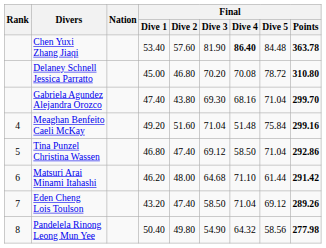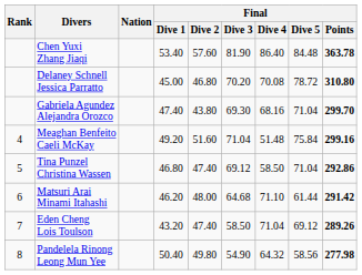 <table class="wikitable sortable" style="text-align:center">
 <tr>
 <th rowspan=2 data-sort-type=number>Rank</th>
 <th rowspan=2>Divers</th>
 <th rowspan=2>Nation</th>
 <th colspan=6>Final</th>
 </tr>
 <tr>
 <th>Dive 1</th>
 <th>Dive 2</th>
 <th>Dive 3</th>
 <th>Dive 4</th>
 <th>Dive 5</th>
 <th>Points</th>
 </tr>
 <tr>
 <td></td>
 <td align="left"><a href='#'>Chen Yuxi</a><br><a href='#'>Zhang Jiaqi</a></td>
 <td align="left"></td>
 <td>53.40</td>
 <td>57.60</td>
 <td>81.90</td>
-<td><strong>86.40</strong></td>
+<td>86.40</td>
 <td>84.48</td>
 <td><strong>363.78</strong></td>
 </tr>
 <tr>
 <td></td>
 <td align="left"><a href='#'>Delaney Schnell</a><br> <a href='#'>Jessica Parratto</a></td>
 <td align="left"></td>
 <td>45.00</td>
 <td>46.80</td>
 <td>70.20</td>
 <td>70.08</td>
 <td>78.72</td>
 <td><strong>310.80</strong></td>
 </tr>
 <tr>
 <td></td>
 <td align="left"><a href='#'>Gabriela Agundez</a><br><a href='#'>Alejandra Orozco</a></td>
 <td align="left"></td>
 <td>47.40</td>
 <td>43.80</td>
 <td>69.30</td>
 <td>68.16</td>
 <td>71.04</td>
 <td><strong>299.70</strong></td>
 </tr>
 <tr>
 <td>4</td>
 <td align="left"><a href='#'>Meaghan Benfeito</a><br><a href='#'>Caeli McKay</a></td>
 <td align="left"></td>
 <td>49.20</td>
 <td>51.60</td>
 <td>71.04</td>
 <td>51.48</td>
 <td>75.84</td>
 <td><strong>299.16</strong></td>
 </tr>
 <tr>
 <td>5</td>
 <td align="left"><a href='#'>Tina Punzel</a><br> <a href='#'>Christina Wassen</a></td>
 <td align="left"></td>
 <td>46.80</td>
 <td>47.40</td>
 <td>69.12</td>
 <td>58.50</td>
 <td>71.04</td>
 <td><strong>292.86</strong></td>
 </tr>
 <tr>
 <td>6</td>
 <td align="left"><a href='#'>Matsuri Arai</a><br><a href='#'>Minami Itahashi</a></td>
 <td align="left"></td>
 <td>46.20</td>
 <td>48.00</td>
 <td>64.68</td>
 <td>71.10</td>
 <td>61.44</td>
 <td><strong>291.42</strong></td>
 </tr>
 <tr>
 <td>7</td>
 <td align="left"><a href='#'>Eden Cheng</a><br><a href='#'>Lois Toulson</a></td>
 <td align="left"></td>
 <td>43.20</td>
 <td>47.40</td>
 <td>58.50</td>
 <td>71.04</td>
 <td>69.12</td>
 <td><strong>289.26</strong></td>
 </tr>
 <tr>
 <td>8</td>
 <td align="left"><a href='#'>Pandelela Rinong</a><br> <a href='#'>Leong Mun Yee</a></td>
 <td align="left"></td>
 <td>50.40</td>
 <td>49.80</td>
 <td>54.90</td>
 <td>64.32</td>
 <td>58.56</td>
 <td><strong>277.98</strong></td>
 </tr>
 </table>
